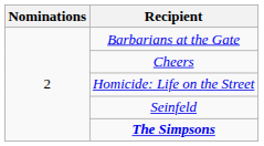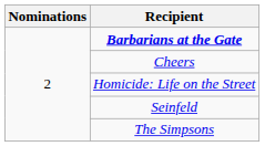 <table class="wikitable sortable" rowspan="2" style="text-align:center;" background: #f6e39c;>
 <tr>
 <th scope="col" style="width:55px;">Nominations</th>
 <th scope="col" style="text-align:center;">Recipient</th>
 </tr>
 <tr>
 <td rowspan="5" style="text-align:center">2</td>
-<td><em><a href='#'>Barbarians at the Gate</a></em></td>
+<td><strong><em><a href='#'>Barbarians at the Gate</a></em></strong></td>
 </tr>
 <tr>
 <td><em><a href='#'>Cheers</a></em></td>
 </tr>
 <tr>
 <td><em><a href='#'>Homicide: Life on the Street</a></em></td>
 </tr>
 <tr>
 <td><em><a href='#'>Seinfeld</a></em></td>
 </tr>
 <tr>
-<td><strong><em><a href='#'>The Simpsons</a></em></strong></td>
+<td><em><a href='#'>The Simpsons</a></em></td>
 </tr>
 </table>
